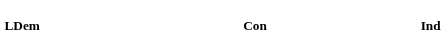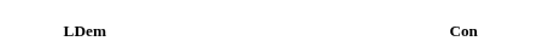 <table style="width:60%; text-align:center;">
 <tr style="color:white;">
 <td style="background:"><strong>24</strong></td>
 <td style="background:"><strong>17</strong></td>
-<td style="background:"><strong>2</strong></td>
 </tr>
 <tr>
 <td><span><strong>LDem</strong></span></td>
 <td><span><strong>Con</strong></span></td>
-<td><span><strong>Ind</strong></span></td>
 </tr>
 </table>
